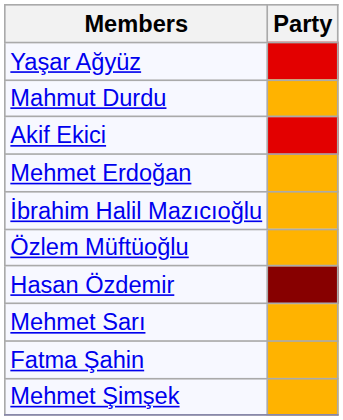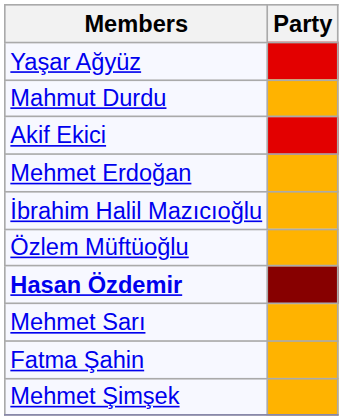 <table class=wikitable style="border:1px solid #8888aa; background-color:#f7f8ff; padding:0px; font-size:90%;">
 <tr>
 <th>Members</th>
 <th colspan="2">Party</th>
 </tr>
 <tr>
 <td><a href='#'>Yaşar Ağyüz</a></td>
 <td style="background: #e30000"></td>
 </tr>
 <tr>
 <td><a href='#'>Mahmut Durdu</a></td>
 <td style="background: #ffb300"></td>
 </tr>
 <tr>
 <td><a href='#'>Akif Ekici</a></td>
 <td style="background: #e30000"></td>
 </tr>
 <tr>
 <td><a href='#'>Mehmet Erdoğan</a></td>
 <td style="background: #ffb300"></td>
 </tr>
 <tr>
 <td><a href='#'>İbrahim Halil Mazıcıoğlu</a></td>
 <td style="background: #ffb300"></td>
 </tr>
 <tr>
 <td><a href='#'>Özlem Müftüoğlu</a></td>
 <td style="background: #ffb300"></td>
 </tr>
 <tr>
-<td><a href='#'>Hasan Özdemir</a></td>
+<td><strong><a href='#'>Hasan Özdemir</a></strong></td>
 <td style="background: #870000"></td>
 </tr>
 <tr>
 <td><a href='#'>Mehmet Sarı</a></td>
 <td style="background: #ffb300"></td>
 </tr>
 <tr>
 <td><a href='#'>Fatma Şahin</a></td>
 <td style="background: #ffb300"></td>
 </tr>
 <tr>
 <td><a href='#'>Mehmet Şimşek</a></td>
 <td style="background: #ffb300"></td>
 </tr>
 <tr>
 </tr>
 </table>
